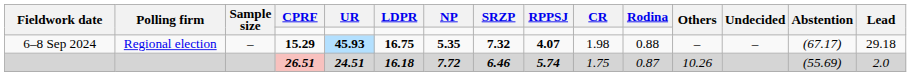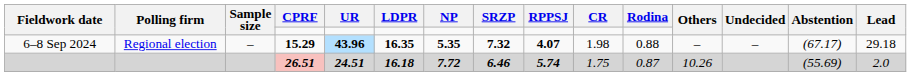 <table class=wikitable style="font-size:95%; line-height:14px; text-align:center">
 <tr>
 <th style=width:120px; rowspan=2>Fieldwork date</th>
 <th style=width:120px; rowspan=2>Polling firm</th>
 <th style=width:50px; rowspan=2>Sample<br>size</th>
 <th style="width:50px;"><a href='#'>CPRF</a></th>
 <th style="width:50px;"><a href='#'>UR</a></th>
 <th style="width:50px;"><a href='#'>LDPR</a></th>
 <th style="width:50px;"><a href='#'>NP</a></th>
 <th style="width:50px;"><a href='#'>SRZP</a></th>
 <th style="width:50px;"><a href='#'>RPPSJ</a></th>
 <th style="width:50px;"><a href='#'>CR</a></th>
 <th style="width:50px;"><a href='#'>Rodina</a></th>
 <th style="width:50px;" rowspan=2>Others</th>
 <th style="width:50px;" rowspan=2>Undecided</th>
 <th style="width:50px;" rowspan=2>Abstention</th>
 <th style="width:50px;" rowspan="2">Lead</th>
 </tr>
 <tr>
 <td bgcolor=></td>
 <td bgcolor=></td>
 <td bgcolor=></td>
 <td bgcolor=></td>
 <td bgcolor=></td>
 <td bgcolor=></td>
 <td bgcolor=></td>
 <td bgcolor=></td>
 </tr>
 <tr>
 <td>6–8 Sep 2024</td>
 <td><a href='#'>Regional election</a></td>
 <td>–</td>
 <td><strong>15.29</strong></td>
-<td style="background:#B3E0FF"><strong>45.93</strong></td>
-<td><strong>16.75</strong></td>
+<td style="background:#B3E0FF"><strong>43.96</strong></td>
+<td><strong>16.35</strong></td>
 <td><strong>5.35</strong></td>
 <td><strong>7.32</strong></td>
 <td><strong>4.07</strong></td>
 <td>1.98</td>
 <td>0.88</td>
 <td>–</td>
 <td>–</td>
 <td><em>(67.17)</em></td>
 <td style="background:">29.18</td>
 </tr>
 <tr style="background:#D5D5D5">
 <td></td>
 <td></td>
 <td></td>
 <td style="background:#F8C1BE"><strong><em>26.51</em></strong></td>
 <td><strong><em>24.51</em></strong></td>
 <td><strong><em>16.18</em></strong></td>
 <td><strong><em>7.72</em></strong></td>
 <td><strong><em>6.46</em></strong></td>
 <td><strong><em>5.74</em></strong></td>
 <td><em>1.75</em></td>
 <td><em>0.87</em></td>
 <td><em>10.26</em></td>
 <td></td>
 <td><em>(55.69)</em></td>
 <td style="background:"><em>2.0</em></td>
 </tr>
 </table>
